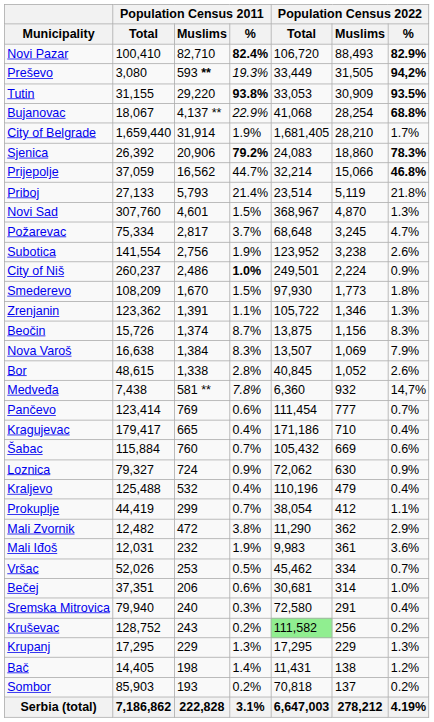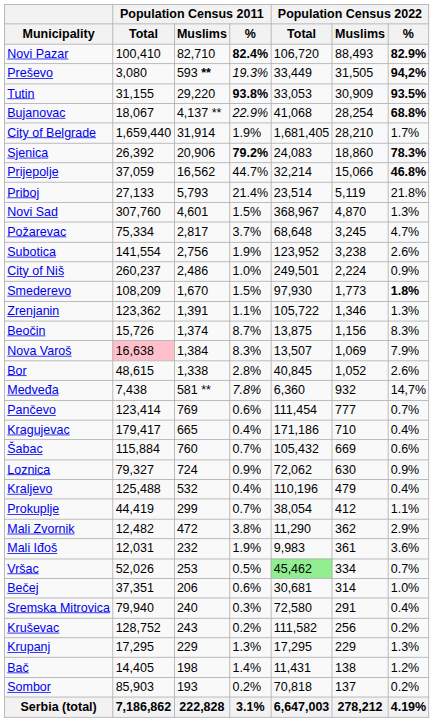 <table class="wikitable sortable">
 <tr>
 <th></th>
 <th colspan="3">Population Census 2011</th>
 <th colspan="3">Population Census 2022</th>
 </tr>
 <tr>
 <th>Municipality</th>
 <th>Total</th>
 <th>Muslims </th>
 <th>%</th>
 <th>Total</th>
 <th>Muslims</th>
 <th>%</th>
 </tr>
 <tr>
 <td><a href='#'>Novi Pazar</a></td>
 <td>100,410</td>
 <td>82,710</td>
 <td><strong>82.4%</strong></td>
 <td>106,720</td>
 <td>88,493</td>
 <td><strong>82.9%</strong></td>
 </tr>
 <tr>
 <td><a href='#'>Preševo</a></td>
 <td>3,080</td>
 <td>593 <strong>**</strong></td>
 <td><em>19.3%</em></td>
 <td>33,449</td>
 <td>31,505</td>
 <td><strong>94,2%</strong></td>
 </tr>
 <tr>
 <td><a href='#'>Tutin</a></td>
 <td>31,155</td>
 <td>29,220</td>
 <td><strong>93.8%</strong></td>
 <td>33,053</td>
 <td>30,909</td>
 <td><strong>93.5%</strong></td>
 </tr>
 <tr>
 <td><a href='#'>Bujanovac</a></td>
 <td>18,067</td>
 <td>4,137 **</td>
 <td><em>22.9%</em></td>
 <td>41,068</td>
 <td>28,254</td>
 <td><strong>68.8%</strong></td>
 </tr>
 <tr>
 <td><a href='#'>City of Belgrade</a></td>
 <td>1,659,440</td>
 <td>31,914</td>
 <td>1.9%</td>
 <td>1,681,405</td>
 <td>28,210</td>
 <td>1.7%</td>
 </tr>
 <tr>
 <td><a href='#'>Sjenica</a></td>
 <td>26,392</td>
 <td>20,906</td>
 <td><strong>79.2%</strong></td>
 <td>24,083</td>
 <td>18,860</td>
 <td><strong>78.3%</strong></td>
 </tr>
 <tr>
 <td><a href='#'>Prijepolje</a></td>
 <td>37,059</td>
 <td>16,562</td>
 <td>44.7%</td>
 <td>32,214</td>
 <td>15,066</td>
 <td><strong>46.8%</strong></td>
 </tr>
 <tr>
 <td><a href='#'>Priboj</a></td>
 <td>27,133</td>
 <td>5,793</td>
 <td>21.4%</td>
 <td>23,514</td>
 <td>5,119</td>
 <td>21.8%</td>
 </tr>
 <tr>
 <td><a href='#'>Novi Sad</a></td>
 <td>307,760</td>
 <td>4,601</td>
 <td>1.5%</td>
 <td>368,967</td>
 <td>4,870</td>
 <td>1.3%</td>
 </tr>
 <tr>
 <td><a href='#'>Požarevac</a></td>
 <td>75,334</td>
 <td>2,817</td>
 <td>3.7%</td>
 <td>68,648</td>
 <td>3,245</td>
 <td>4.7%</td>
 </tr>
 <tr>
 <td><a href='#'>Subotica</a></td>
 <td>141,554</td>
 <td>2,756</td>
 <td>1.9%</td>
 <td>123,952</td>
 <td>3,238</td>
 <td>2.6%</td>
 </tr>
 <tr>
 <td><a href='#'>City of Niš</a></td>
 <td>260,237</td>
 <td>2,486</td>
-<td><strong>1.0%</strong></td>
+<td>1.0%</td>
 <td>249,501</td>
 <td>2,224</td>
 <td>0.9%</td>
 </tr>
 <tr>
 <td><a href='#'>Smederevo</a></td>
 <td>108,209</td>
 <td>1,670</td>
 <td>1.5%</td>
 <td>97,930</td>
 <td>1,773</td>
-<td>1.8%</td>
+<td><strong>1.8%</strong></td>
 </tr>
 <tr>
 <td><a href='#'>Zrenjanin</a></td>
 <td>123,362</td>
 <td>1,391</td>
 <td>1.1%</td>
 <td>105,722</td>
 <td>1,346</td>
 <td>1.3%</td>
 </tr>
 <tr>
 <td><a href='#'>Beočin</a></td>
 <td>15,726</td>
 <td>1,374</td>
 <td>8.7%</td>
 <td>13,875</td>
 <td>1,156</td>
 <td>8.3%</td>
 </tr>
 <tr>
 <td><a href='#'>Nova Varoš</a></td>
-<td>16,638</td>
+<td style="background: pink;">16,638</td>
 <td>1,384</td>
 <td>8.3%</td>
 <td>13,507</td>
 <td>1,069</td>
 <td>7.9%</td>
 </tr>
 <tr>
 <td><a href='#'>Bor</a></td>
 <td>48,615</td>
 <td>1,338</td>
 <td>2.8%</td>
 <td>40,845</td>
 <td>1,052</td>
 <td>2.6%</td>
 </tr>
 <tr>
 <td><a href='#'>Medveđa</a></td>
 <td>7,438</td>
 <td>581 **</td>
 <td><em>7.8%</em></td>
 <td>6,360</td>
 <td>932</td>
 <td>14,7%</td>
 </tr>
 <tr>
 <td><a href='#'>Pančevo</a></td>
 <td>123,414</td>
 <td>769</td>
 <td>0.6%</td>
 <td>111,454</td>
 <td>777</td>
 <td>0.7%</td>
 </tr>
 <tr>
 <td><a href='#'>Kragujevac</a></td>
 <td>179,417</td>
 <td>665</td>
 <td>0.4%</td>
 <td>171,186</td>
 <td>710</td>
 <td>0.4%</td>
 </tr>
 <tr>
 <td><a href='#'>Šabac</a></td>
 <td>115,884</td>
 <td>760</td>
 <td>0.7%</td>
 <td>105,432</td>
 <td>669</td>
 <td>0.6%</td>
 </tr>
 <tr>
 <td><a href='#'>Loznica</a></td>
 <td>79,327</td>
 <td>724</td>
 <td>0.9%</td>
 <td>72,062</td>
 <td>630</td>
 <td>0.9%</td>
 </tr>
 <tr>
 <td><a href='#'>Kraljevo</a></td>
 <td>125,488</td>
 <td>532</td>
 <td>0.4%</td>
 <td>110,196</td>
 <td>479</td>
 <td>0.4%</td>
 </tr>
 <tr>
 <td><a href='#'>Prokuplje</a></td>
 <td>44,419</td>
 <td>299</td>
 <td>0.7%</td>
 <td>38,054</td>
 <td>412</td>
 <td>1.1%</td>
 </tr>
 <tr>
 <td><a href='#'>Mali Zvornik</a></td>
 <td>12,482</td>
 <td>472</td>
 <td>3.8%</td>
 <td>11,290</td>
 <td>362</td>
 <td>2.9%</td>
 </tr>
 <tr>
 <td><a href='#'>Mali Iđoš</a></td>
 <td>12,031</td>
 <td>232</td>
 <td>1.9%</td>
 <td>9,983</td>
 <td>361</td>
 <td>3.6%</td>
 </tr>
 <tr>
 <td><a href='#'>Vršac</a></td>
 <td>52,026</td>
 <td>253</td>
 <td>0.5%</td>
-<td>45,462</td>
+<td style="background: lightgreen;">45,462</td>
 <td>334</td>
 <td>0.7%</td>
 </tr>
 <tr>
 <td><a href='#'>Bečej</a></td>
 <td>37,351</td>
 <td>206</td>
 <td>0.6%</td>
 <td>30,681</td>
 <td>314</td>
 <td>1.0%</td>
 </tr>
 <tr>
 <td><a href='#'>Sremska Mitrovica</a></td>
 <td>79,940</td>
 <td>240</td>
 <td>0.3%</td>
 <td>72,580</td>
 <td>291</td>
 <td>0.4%</td>
 </tr>
 <tr>
 <td><a href='#'>Kruševac</a></td>
 <td>128,752</td>
 <td>243</td>
 <td>0.2%</td>
-<td style="background: lightgreen;">111,582</td>
+<td>111,582</td>
 <td>256</td>
 <td>0.2%</td>
 </tr>
 <tr>
 <td><a href='#'>Krupanj</a></td>
 <td>17,295</td>
 <td>229</td>
 <td>1.3%</td>
 <td>17,295</td>
 <td>229</td>
 <td>1.3%</td>
 </tr>
 <tr>
 <td><a href='#'>Bač</a></td>
 <td>14,405</td>
 <td>198</td>
 <td>1.4%</td>
 <td>11,431</td>
 <td>138</td>
 <td>1.2%</td>
 </tr>
 <tr>
 <td><a href='#'>Sombor</a></td>
 <td>85,903</td>
 <td>193</td>
 <td>0.2%</td>
 <td>70,818</td>
 <td>137</td>
 <td>0.2%</td>
 </tr>
 <tr>
 <th>Serbia (total)</th>
 <th>7,186,862</th>
 <th>222,828</th>
 <th>3.1%</th>
 <th>6,647,003</th>
 <th>278,212</th>
 <th>4.19%</th>
 </tr>
 </table>
